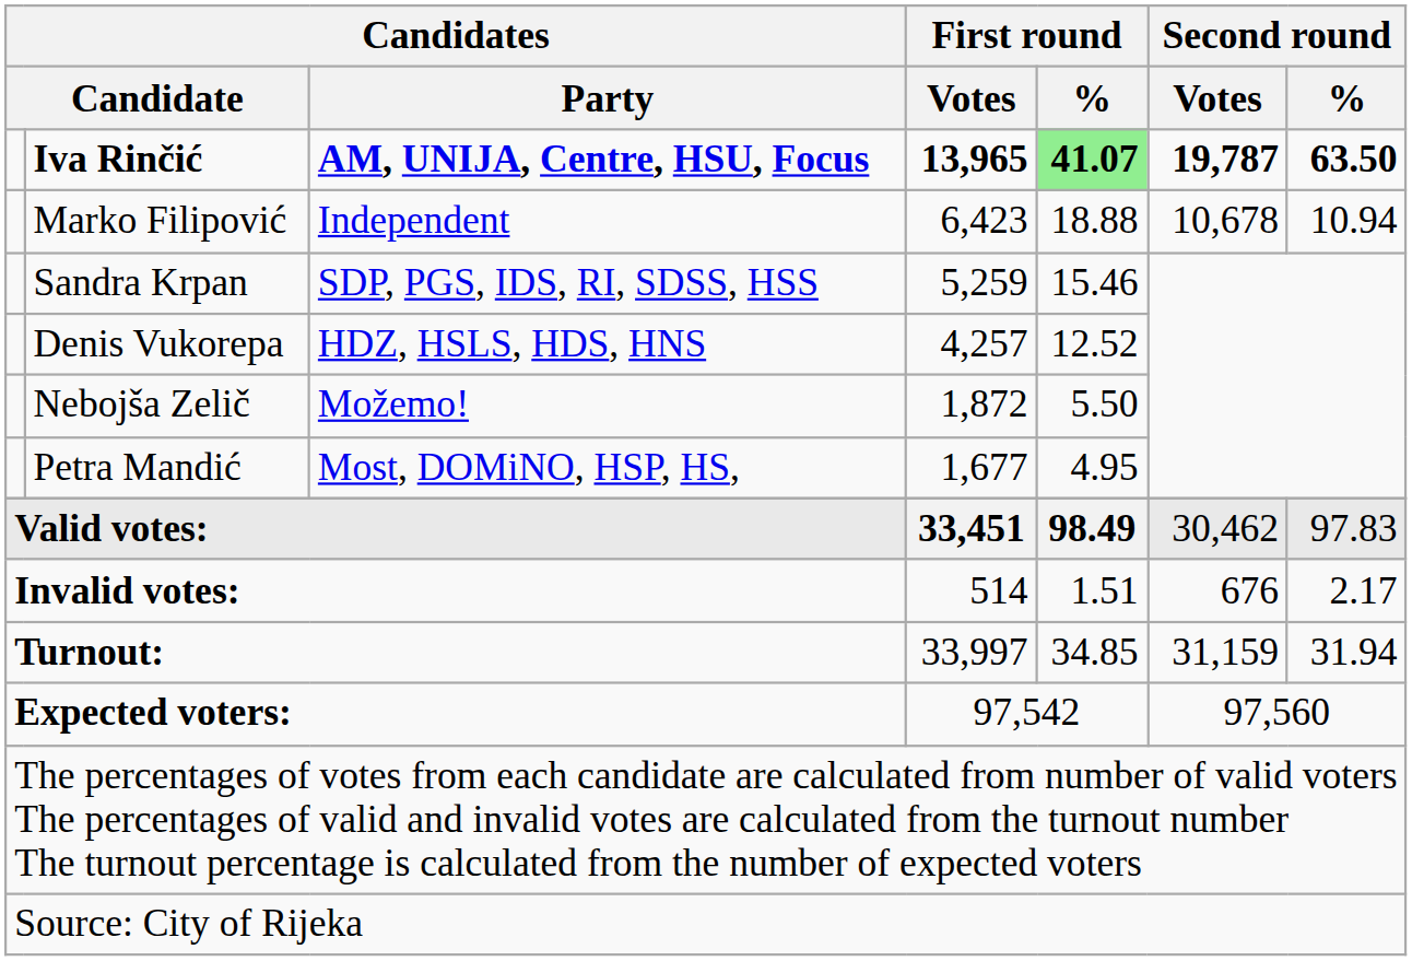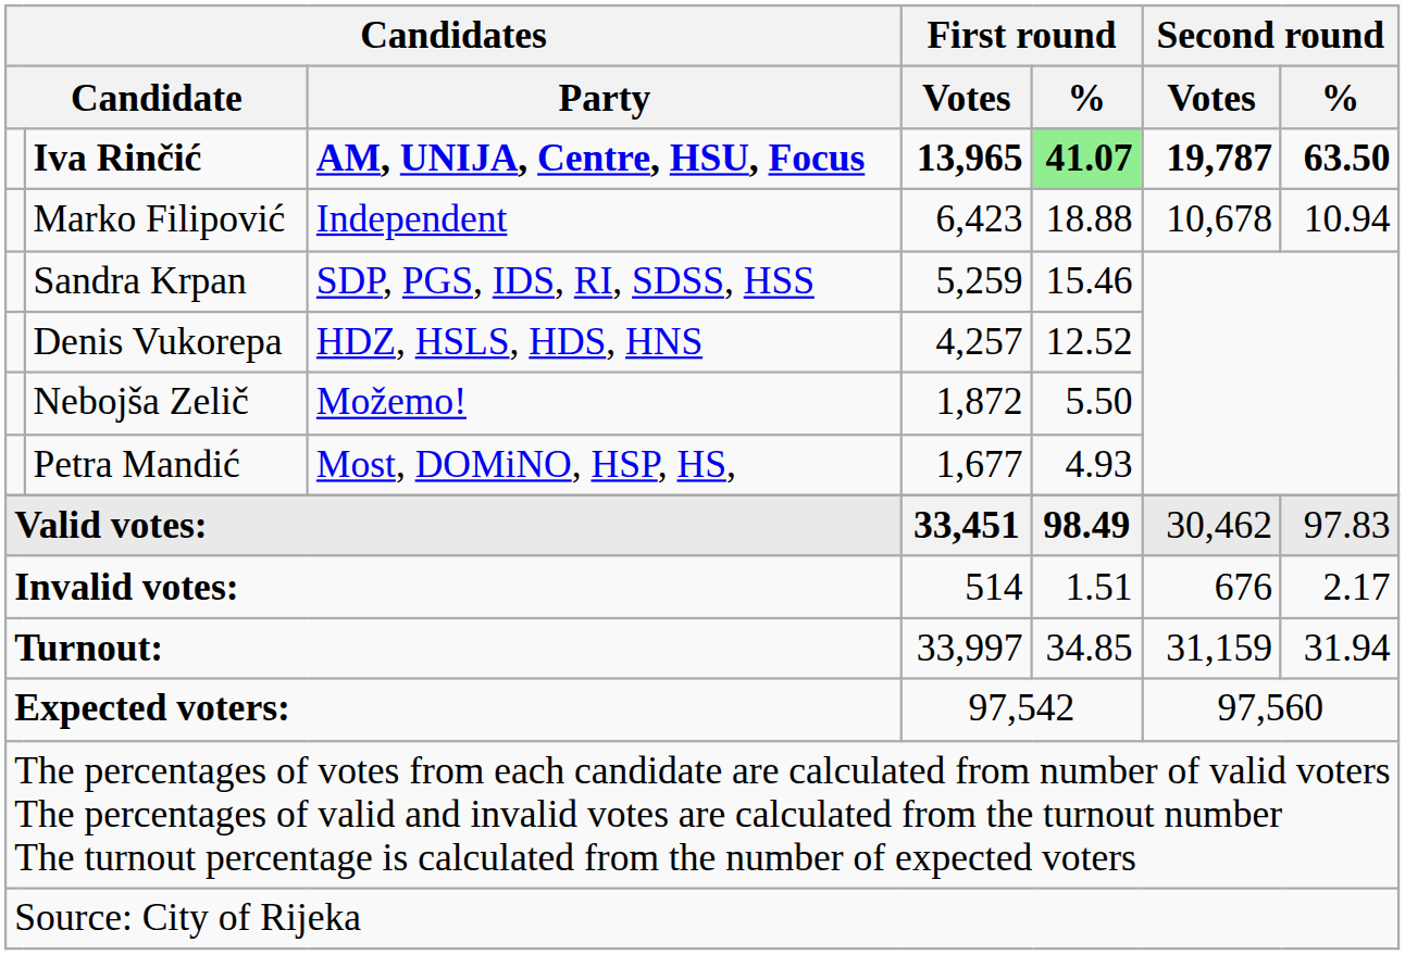 <table class="wikitable">
 <tr>
 <th colspan="3">Candidates</th>
 <th colspan="2">First round</th>
 <th colspan="2">Second round</th>
 </tr>
 <tr>
 <th colspan="2">Candidate</th>
 <th>Party</th>
 <th>Votes</th>
 <th>%</th>
 <th>Votes</th>
 <th>%</th>
 </tr>
 <tr>
 <td style="color:inherit;background:"></td>
 <td align="left"><strong>Iva Rinčić</strong></td>
 <td align="left"><strong><a href='#'>AM</a>, <a href='#'>UNIJA</a>, <a href='#'>Centre</a>, <a href='#'>HSU</a>, <a href='#'>Focus</a></strong></td>
 <td align="right"><strong>13,965</strong></td>
 <td align="right" style="background: lightgreen;"><strong>41.07</strong></td>
 <td align="right"><strong>19,787</strong></td>
 <td align="right"><strong>63.50</strong></td>
 </tr>
 <tr>
 <td style="color:inherit;background:"></td>
 <td>Marko Filipović</td>
 <td><a href='#'>Independent</a></td>
 <td align="right">6,423</td>
 <td align="right">18.88</td>
 <td align="right">10,678</td>
 <td align="right">10.94</td>
 </tr>
 <tr>
 <td style="color:inherit;background:"></td>
 <td align="left">Sandra Krpan</td>
 <td align="left"><a href='#'>SDP</a>, <a href='#'>PGS</a>, <a href='#'>IDS</a>, <a href='#'>RI</a>, <a href='#'>SDSS</a>, <a href='#'>HSS</a></td>
 <td align="right">5,259</td>
 <td align="right">15.46</td>
 <td colspan="4" rowspan="4"></td>
 </tr>
 <tr>
 <td style="color:inherit;background:"></td>
 <td align="left">Denis Vukorepa</td>
 <td align="left"><a href='#'>HDZ</a>, <a href='#'>HSLS</a>, <a href='#'>HDS</a>, <a href='#'>HNS</a></td>
 <td align="right">4,257</td>
 <td align="right">12.52</td>
 </tr>
 <tr>
 <td style="color:inherit;background:"></td>
 <td align="left">Nebojša Zelič</td>
 <td align="left"><a href='#'>Možemo!</a></td>
 <td align="right">1,872</td>
 <td align="right">5.50</td>
 </tr>
 <tr>
 <td style="color:inherit;background:"></td>
 <td align="left">Petra Mandić</td>
 <td align="left"><a href='#'>Most</a>, <a href='#'>DOMiNO</a>, <a href='#'>HSP</a>, <a href='#'>HS</a>, </td>
 <td align="right">1,677</td>
-<td align="right">4.95</td>
+<td align="right">4.93</td>
 </tr>
 <tr>
 </tr>
 <tr style="background-color:#E9E9E9">
 <td colspan="3" align="left"><strong>Valid votes:</strong></td>
 <th align="right">33,451</th>
 <th align="right">98.49</th>
 <td align="right">30,462</td>
 <td align="right">97.83</td>
 </tr>
 <tr>
 <td colspan="3" align="left"><strong>Invalid votes:</strong></td>
 <td align="right">514</td>
 <td align="right">1.51</td>
 <td align="right">676</td>
 <td align="right">2.17</td>
 </tr>
 <tr>
 <td colspan="3" align="left"><strong>Turnout:</strong></td>
 <td align="right">33,997</td>
 <td align="right">34.85</td>
 <td align="right">31,159</td>
 <td align="right">31.94</td>
 </tr>
 <tr>
 <td colspan="3" align="left"><strong>Expected voters:</strong></td>
 <td colspan="2" align="center">97,542</td>
 <td colspan="2" align="center">97,560</td>
 </tr>
 <tr>
 <td colspan="7" align="left">The percentages of votes from each candidate are calculated from number of valid voters <br> The percentages of valid and invalid votes are calculated from the turnout number <br> The turnout percentage is calculated from the number of expected voters</td>
 </tr>
 <tr>
 <td colspan="7" align="left">Source: City of Rijeka</td>
 </tr>
 </table>
